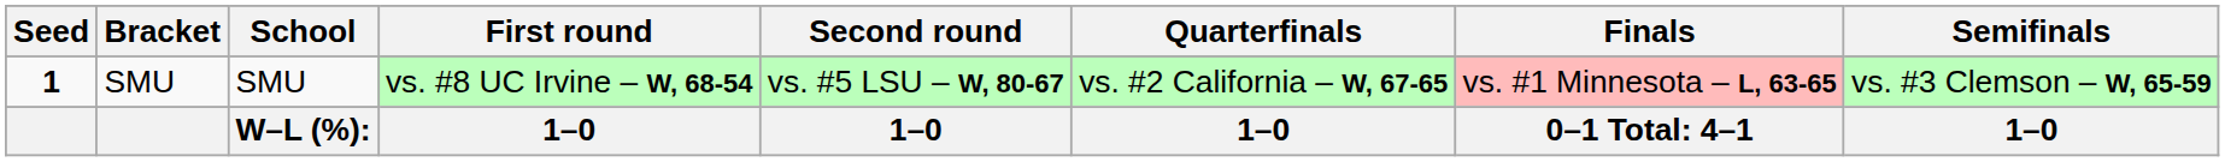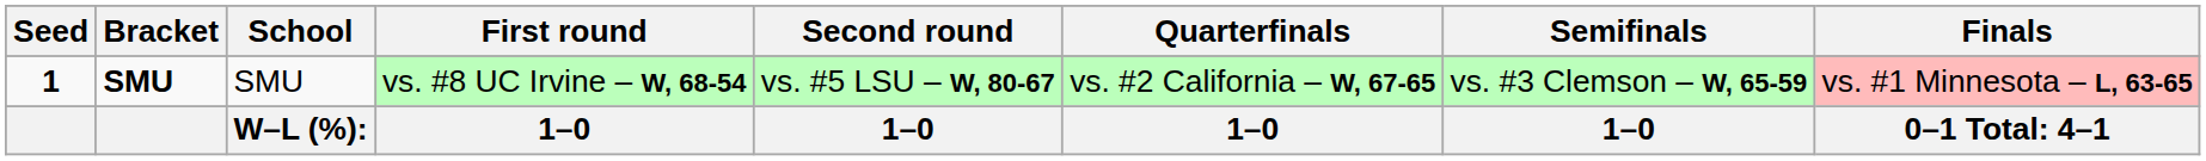 <table class="sortable wikitable" style="white-space:nowrap; font-size:90%;">
 <tr>
 <th>Seed</th>
 <th>Bracket</th>
 <th>School</th>
 <th>First round</th>
 <th>Second round</th>
 <th>Quarterfinals</th>
+<th>Semifinals</th>
 <th>Finals</th>
-<th>Semifinals</th>
 </tr>
 <tr>
 <td align=center><strong>1</strong></td>
-<td>SMU</td>
+<td><strong>SMU</strong></td>
 <td>SMU</td>
 <td style="background:#bfb;">vs. #8 UC Irvine – <small><strong>W, 68-54</strong></small></td>
 <td style="background:#bfb;">vs. #5 LSU – <small><strong>W, 80-67</strong></small></td>
 <td style="background:#bfb;">vs. #2 California – <small><strong>W, 67-65</strong></small></td>
+<td style="background:#bfb;">vs. #3 Clemson – <small><strong>W, 65-59</strong></small></td>
 <td style="background:#fbb;">vs. #1 Minnesota – <small><strong>L, 63-65</strong></small></td>
-<td style="background:#bfb;">vs. #3 Clemson – <small><strong>W, 65-59</strong></small></td>
 </tr>
 <tr>
 <th></th>
 <th></th>
 <th>W–L (%):</th>
 <th>1–0 </th>
 <th>1–0 </th>
 <th>1–0 </th>
+<th>1–0 </th>
 <th>0–1  Total: 4–1 </th>
-<th>1–0 </th>
 </tr>
 </table>
